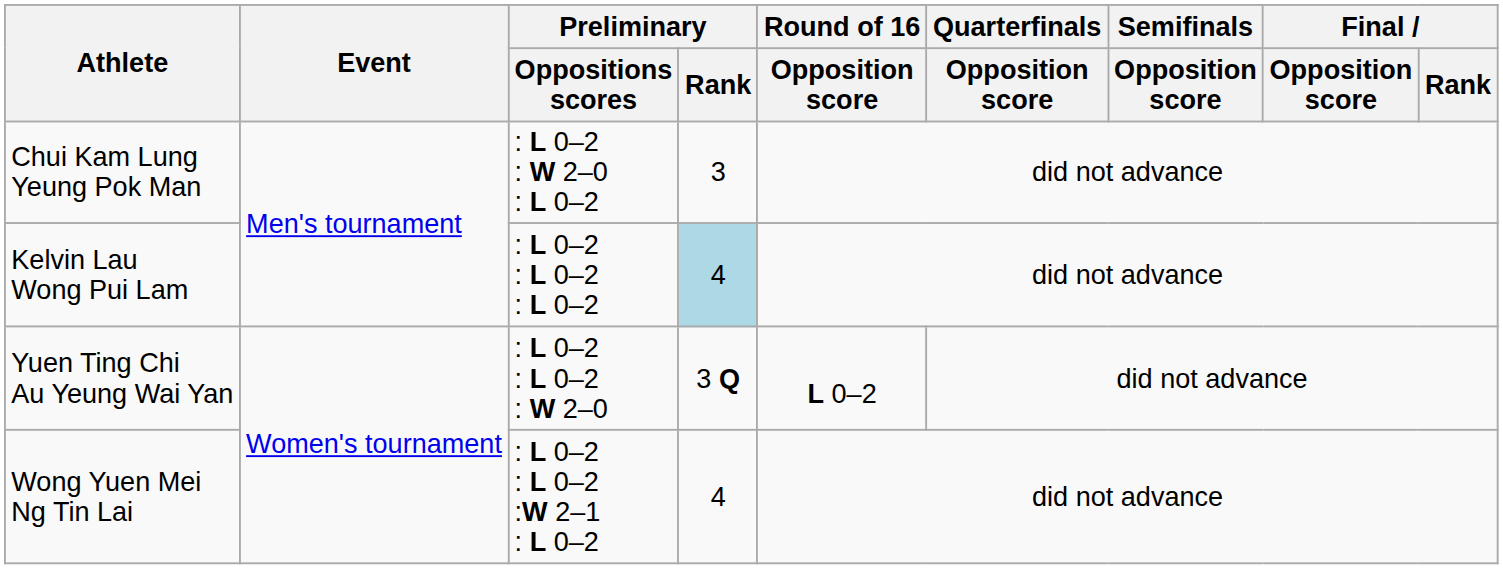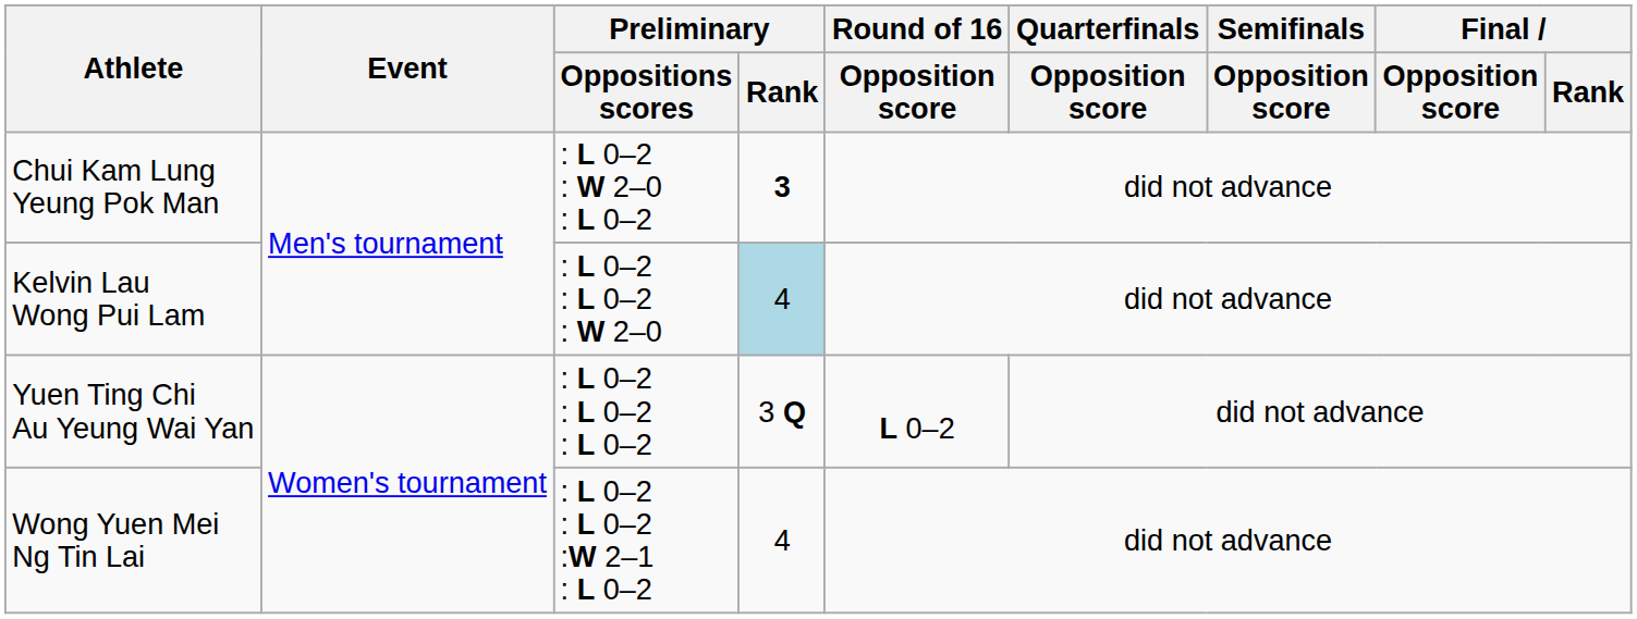 <table class=wikitable style="font-size:90%; text-align:center;">
 <tr>
 <th rowspan=2>Athlete</th>
 <th rowspan=2>Event</th>
 <th colspan=2>Preliminary</th>
 <th>Round of 16</th>
 <th>Quarterfinals</th>
 <th>Semifinals</th>
 <th colspan=2>Final / </th>
 </tr>
 <tr>
 <th>Oppositions<br> scores</th>
 <th>Rank</th>
 <th>Opposition<br> score</th>
 <th>Opposition<br> score</th>
 <th>Opposition<br> score</th>
 <th>Opposition<br> score</th>
 <th>Rank</th>
 </tr>
 <tr>
 <td align=left>Chui Kam Lung<br>Yeung Pok Man</td>
 <td align=left rowspan=2><a href='#'>Men's tournament</a></td>
 <td align=left>: <strong>L</strong> 0–2<br>: <strong>W</strong> 2–0<br>: <strong>L</strong> 0–2</td>
-<td>3</td>
+<td><strong>3</strong></td>
 <td colspan=5>did not advance</td>
 </tr>
 <tr>
 <td align=left>Kelvin Lau<br>Wong Pui Lam</td>
-<td align=left>: <strong>L</strong> 0–2<br>: <strong>L</strong> 0–2<br>: <strong>L</strong> 0–2</td>
+<td align=left>: <strong>L</strong> 0–2<br>: <strong>L</strong> 0–2<br>: <strong>W</strong> 2–0</td>
 <td style="background: lightblue;">4</td>
 <td colspan=5>did not advance</td>
 </tr>
 <tr>
 <td align=left>Yuen Ting Chi<br>Au Yeung Wai Yan</td>
 <td align=left rowspan=2><a href='#'>Women's tournament</a></td>
-<td align=left>: <strong>L</strong> 0–2<br>: <strong>L</strong> 0–2<br>: <strong>W</strong> 2–0</td>
+<td align=left>: <strong>L</strong> 0–2<br>: <strong>L</strong> 0–2<br>: <strong>L</strong> 0–2</td>
 <td>3 <strong>Q</strong></td>
 <td><br> <strong>L</strong> 0–2</td>
 <td colspan=4>did not advance</td>
 </tr>
 <tr>
 <td align=left>Wong Yuen Mei<br>Ng Tin Lai</td>
 <td align=left>: <strong>L</strong> 0–2<br>: <strong>L</strong> 0–2<br>:<strong>W</strong> 2–1<br>: <strong>L</strong> 0–2</td>
 <td>4</td>
 <td colspan=5>did not advance</td>
 </tr>
 </table>
